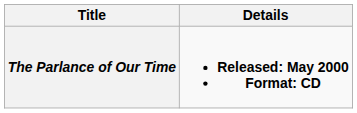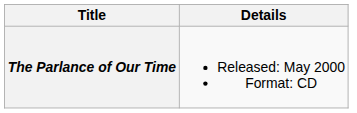 <table class="wikitable plainrowheaders" style="text-align:center;" border="1">
 <tr>
 <th>Title</th>
 <th>Details</th>
 </tr>
 <tr>
 <th scope="row"><em>The Parlance of Our Time</em></th>
-<td><strong><br><ul><li>Released: May 2000</li><li>Format: CD</li></ul></strong></td>
+<td><br><ul><li>Released: May 2000</li><li>Format: CD</li></ul></td>
 </tr>
 </table>
